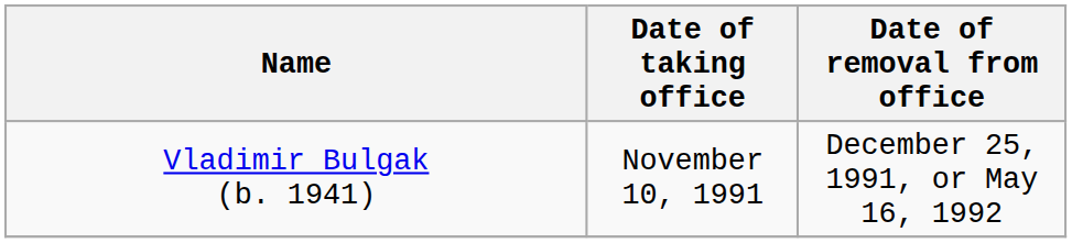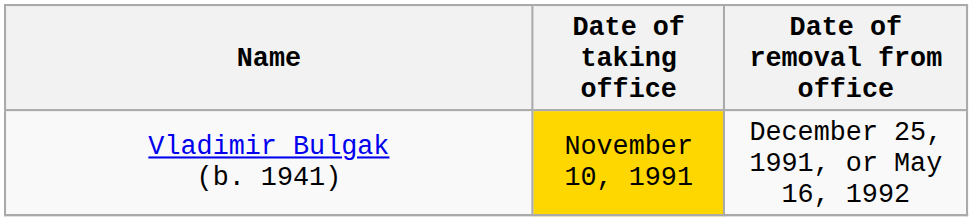 <table class="wikitable" style="text-align:center" width=75%>
 <tr>
 <th width=250px>Name</th>
 <th>Date of taking office</th>
 <th>Date of removal from office</th>
 </tr>
 <tr>
 <td><a href='#'>Vladimir Bulgak</a><br>(b. 1941)<br></td>
-<td>November 10, 1991</td>
+<td style="background: gold;">November 10, 1991</td>
 <td>December 25, 1991, or May 16, 1992</td>
 </tr>
 <tr>
 </tr>
 </table>
